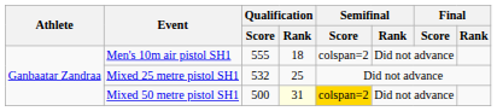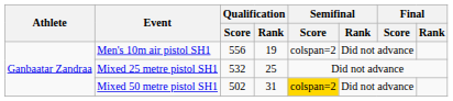 <table class=wikitable style="font-size:90%">
 <tr>
 <th rowspan="2">Athlete</th>
 <th rowspan="2">Event</th>
 <th colspan="2">Qualification</th>
 <th colspan="2">Semifinal</th>
 <th colspan="2">Final</th>
 </tr>
 <tr>
 <th>Score</th>
 <th>Rank</th>
 <th>Score</th>
 <th>Rank</th>
 <th>Score</th>
 <th>Rank</th>
 </tr>
 <tr align=center>
 <td align=left rowspan=3><a href='#'>Ganbaatar Zandraa</a></td>
 <td align=left><a href='#'>Men's 10m air pistol SH1</a></td>
-<td>555</td>
-<td>18</td>
+<td>556</td>
+<td>19</td>
 <td>colspan=2 </td>
 <td colspan=2>Did not advance</td>
 </tr>
 <tr align=center>
 <td align=left><a href='#'>Mixed 25 metre pistol SH1</a></td>
 <td>532</td>
 <td>25</td>
 <td colspan=4>Did not advance</td>
 </tr>
 <tr align=center>
 <td align=left><a href='#'>Mixed 50 metre pistol SH1</a></td>
-<td>500</td>
-<td style="background: lightyellow;">31</td>
+<td>502</td>
+<td>31</td>
 <td style="background: gold;">colspan=2 </td>
 <td colspan=2>Did not advance</td>
 </tr>
 </table>
